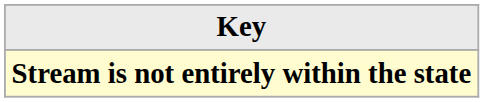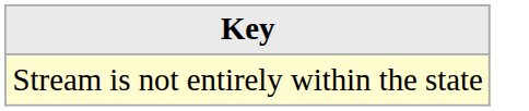 <table class="wikitable" border="1">
 <tr>
 <th style="background:#eaeaea">Key</th>
 </tr>
 <tr>
-<td bgcolor="#fffdd0" style="text-align: left"><strong> Stream is not entirely within the state</strong></td>
+<td bgcolor="#fffdd0" style="text-align: left"> Stream is not entirely within the state</td>
 </tr>
 </table>
